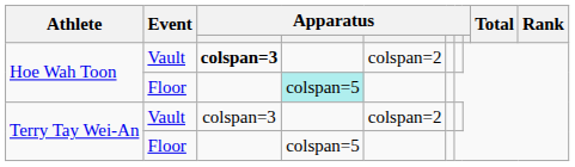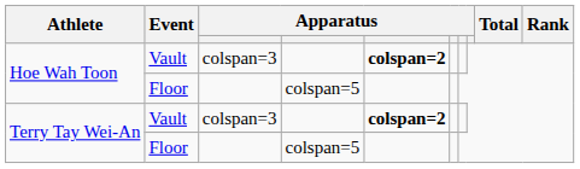 <table class="wikitable" style="font-size:90%">
 <tr>
 <th rowspan=2>Athlete</th>
 <th rowspan=2>Event</th>
 <th colspan=6>Apparatus</th>
 <th rowspan=2>Total</th>
 <th rowspan=2>Rank</th>
 </tr>
 <tr style="font-size:95%">
 <th></th>
 <th></th>
 <th></th>
 <th></th>
 <th></th>
 <th></th>
 </tr>
 <tr align=center>
 <td align=left rowspan=2><a href='#'>Hoe Wah Toon</a></td>
 <td align=left><a href='#'>Vault</a></td>
-<td><strong>colspan=3 </strong></td>
+<td>colspan=3 </td>
 <td></td>
-<td>colspan=2 </td>
+<td><strong>colspan=2 </strong></td>
 <td></td>
 <td></td>
 </tr>
 <tr align=center>
 <td align=left><a href='#'>Floor</a></td>
 <td></td>
-<td style="background: paleturquoise;">colspan=5 </td>
+<td>colspan=5 </td>
 <td></td>
 <td></td>
 </tr>
 <tr align=center>
 <td align=left rowspan=2><a href='#'>Terry Tay Wei-An</a></td>
 <td align=left><a href='#'>Vault</a></td>
 <td>colspan=3 </td>
 <td></td>
-<td>colspan=2 </td>
+<td><strong>colspan=2 </strong></td>
 <td></td>
 <td></td>
 </tr>
 <tr align=center>
 <td align=left><a href='#'>Floor</a></td>
 <td></td>
 <td>colspan=5 </td>
 <td></td>
 <td></td>
 </tr>
 </table>
